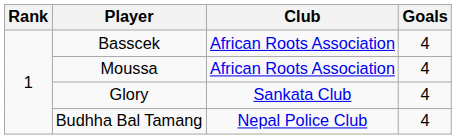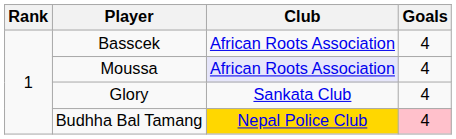 <table class="wikitable" style="text-align:center">
 <tr>
 <th>Rank</th>
 <th>Player</th>
 <th>Club</th>
 <th>Goals</th>
 </tr>
 <tr>
 <td rowspan="4">1</td>
 <td> Basscek</td>
 <td><a href='#'>African Roots Association</a></td>
 <td>4</td>
 </tr>
 <tr>
 <td> Moussa</td>
-<td><a href='#'>African Roots Association</a></td>
+<td style="background: lavender;"><a href='#'>African Roots Association</a></td>
 <td>4</td>
 </tr>
 <tr>
 <td> Glory</td>
 <td><a href='#'>Sankata Club</a></td>
 <td>4</td>
 </tr>
 <tr>
 <td> Budhha Bal Tamang</td>
-<td><a href='#'>Nepal Police Club</a></td>
-<td>4</td>
+<td style="background: gold;"><a href='#'>Nepal Police Club</a></td>
+<td style="background: pink;">4</td>
 </tr>
 </table>
